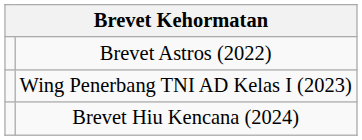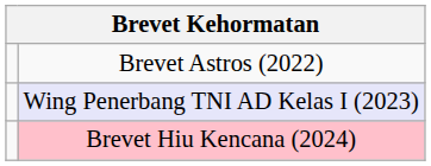 <table class="wikitable" style="margin:1em auto; text-align:center;">
 <tr>
 <th colspan=2>Brevet Kehormatan</th>
 </tr>
 <tr>
 <td align=center></td>
 <td>Brevet Astros (2022)</td>
 </tr>
 <tr>
 <td align=center></td>
-<td>Wing Penerbang TNI AD Kelas I (2023)</td>
+<td style="background: lavender;">Wing Penerbang TNI AD Kelas I (2023)</td>
 </tr>
 <tr>
 <td></td>
-<td>Brevet Hiu Kencana (2024)</td>
+<td style="background: pink;">Brevet Hiu Kencana (2024)</td>
 </tr>
 </table>
